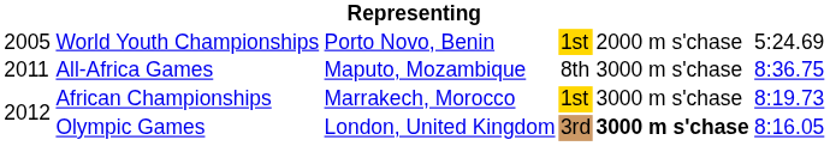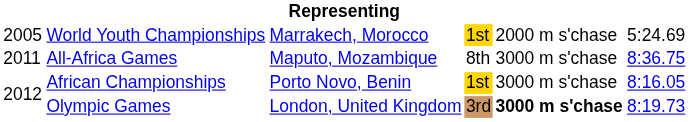 <table>
 <tr>
 <th colspan="6">Representing </th>
 </tr>
 <tr>
 <td>2005</td>
 <td><a href='#'>World Youth Championships</a></td>
-<td><a href='#'>Porto Novo, Benin</a></td>
+<td><a href='#'>Marrakech, Morocco</a></td>
 <td bgcolor=gold>1st</td>
 <td>2000 m s'chase</td>
 <td>5:24.69</td>
 </tr>
 <tr>
 <td>2011</td>
 <td><a href='#'>All-Africa Games</a></td>
 <td><a href='#'>Maputo, Mozambique</a></td>
 <td>8th</td>
 <td>3000 m s'chase</td>
 <td><a href='#'>8:36.75</a></td>
 </tr>
 <tr>
 <td rowspan=2>2012</td>
 <td><a href='#'>African Championships</a></td>
-<td><a href='#'>Marrakech, Morocco</a></td>
+<td><a href='#'>Porto Novo, Benin</a></td>
 <td bgcolor=gold>1st</td>
 <td>3000 m s'chase</td>
-<td><a href='#'>8:19.73</a></td>
+<td><a href='#'>8:16.05</a></td>
 </tr>
 <tr>
 <td><a href='#'>Olympic Games</a></td>
 <td><a href='#'>London, United Kingdom</a></td>
 <td bgcolor=cc9966>3rd</td>
 <td><strong>3000 m s'chase</strong></td>
-<td><a href='#'>8:16.05</a></td>
+<td><a href='#'>8:19.73</a></td>
 </tr>
 </table>
